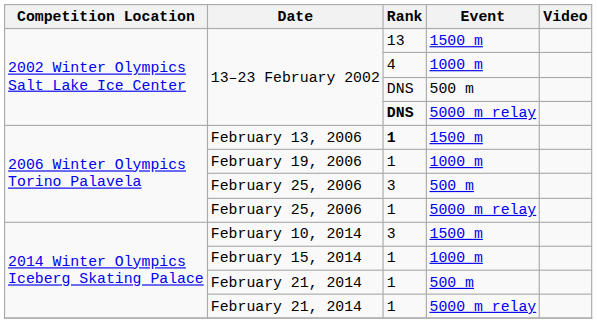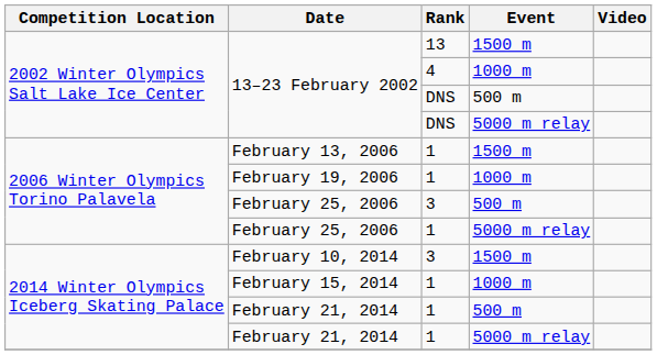 <table class="sortable wikitable" style="font-size:100%" style="text-align:center">
 <tr>
 <th>Competition Location</th>
 <th>Date</th>
 <th>Rank</th>
 <th>Event</th>
 <th>Video</th>
 </tr>
 <tr>
 <td rowspan=4><a href='#'>2002 Winter Olympics</a><br>  <a href='#'>Salt Lake Ice Center</a></td>
 <td rowspan=4>13–23 February 2002</td>
 <td>13</td>
 <td><a href='#'>1500 m</a></td>
 <td></td>
 </tr>
 <tr>
 <td>4</td>
 <td><a href='#'>1000 m</a></td>
 <td></td>
 </tr>
 <tr>
 <td>DNS</td>
 <td>500 m</td>
 <td></td>
 </tr>
 <tr>
-<td><strong>DNS</strong></td>
+<td>DNS</td>
 <td><a href='#'>5000 m relay</a></td>
 <td></td>
 </tr>
 <tr>
 <td rowspan=4><a href='#'>2006 Winter Olympics</a><br>  <a href='#'>Torino Palavela</a></td>
 <td>February 13, 2006</td>
-<td><strong> 1</strong></td>
+<td> 1</td>
 <td><a href='#'>1500 m</a></td>
 <td></td>
 </tr>
 <tr>
 <td>February 19, 2006</td>
 <td> 1</td>
 <td><a href='#'>1000 m</a></td>
 <td></td>
 </tr>
 <tr>
 <td>February 25, 2006</td>
 <td> 3</td>
 <td><a href='#'>500 m</a></td>
 <td></td>
 </tr>
 <tr>
 <td>February 25, 2006</td>
 <td> 1</td>
 <td><a href='#'>5000 m relay</a></td>
 <td></td>
 </tr>
 <tr>
 <td rowspan=4><a href='#'>2014 Winter Olympics</a><br>  <a href='#'>Iceberg Skating Palace</a></td>
 <td>February 10, 2014</td>
 <td> 3</td>
 <td><a href='#'>1500 m</a></td>
 <td></td>
 </tr>
 <tr>
 <td>February 15, 2014</td>
 <td> 1</td>
 <td><a href='#'>1000 m</a></td>
 <td></td>
 </tr>
 <tr>
 <td>February 21, 2014</td>
 <td> 1</td>
 <td><a href='#'>500 m</a></td>
 <td></td>
 </tr>
 <tr>
 <td>February 21, 2014</td>
 <td> 1</td>
 <td><a href='#'>5000 m relay</a></td>
 <td></td>
 </tr>
 <tr>
 </tr>
 </table>
